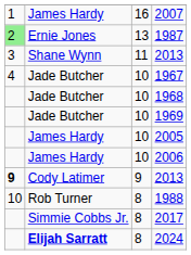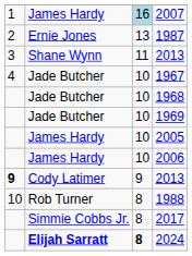 <table class="wikitable">
 <tr>
 </tr>
 <tr>
 <td>1</td>
 <td><a href='#'>James Hardy</a></td>
-<td>16</td>
+<td style="background: lightblue;">16</td>
 <td><a href='#'>2007</a></td>
 </tr>
 <tr>
-<td style="background: lightgreen;">2</td>
+<td>2</td>
 <td><a href='#'>Ernie Jones</a></td>
 <td>13</td>
 <td><a href='#'>1987</a></td>
 </tr>
 <tr>
 <td>3</td>
 <td><a href='#'>Shane Wynn</a></td>
 <td>11</td>
 <td><a href='#'>2013</a></td>
 </tr>
 <tr>
 <td>4</td>
 <td>Jade Butcher</td>
 <td>10</td>
 <td><a href='#'>1967</a></td>
 </tr>
 <tr>
 <td></td>
 <td>Jade Butcher</td>
 <td>10</td>
 <td><a href='#'>1968</a></td>
 </tr>
 <tr>
 <td></td>
 <td>Jade Butcher</td>
 <td>10</td>
 <td><a href='#'>1969</a></td>
 </tr>
 <tr>
 <td></td>
 <td><a href='#'>James Hardy</a></td>
 <td>10</td>
 <td><a href='#'>2005</a></td>
 </tr>
 <tr>
 <td></td>
 <td><a href='#'>James Hardy</a></td>
 <td>10</td>
 <td><a href='#'>2006</a></td>
 </tr>
 <tr>
 <td><strong>9</strong></td>
 <td><a href='#'>Cody Latimer</a></td>
 <td>9</td>
 <td><a href='#'>2013</a></td>
 </tr>
 <tr>
 <td>10</td>
 <td>Rob Turner</td>
 <td>8</td>
 <td><a href='#'>1988</a></td>
 </tr>
 <tr>
 <td></td>
 <td><a href='#'>Simmie Cobbs Jr.</a></td>
 <td>8</td>
 <td><a href='#'>2017</a></td>
 </tr>
 <tr>
 <td></td>
 <td><strong><a href='#'>Elijah Sarratt</a></strong></td>
-<td>8</td>
+<td><strong>8</strong></td>
 <td><a href='#'>2024</a></td>
 </tr>
 </table>
